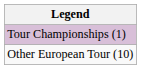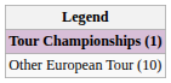 <table class="wikitable" style="font-size:95%;">
 <tr>
 <th>Legend</th>
 </tr>
 <tr style="background:thistle;">
-<td>Tour Championships (1)</td>
+<td><strong>Tour Championships (1)</strong></td>
 </tr>
 <tr>
 <td>Other European Tour (10)</td>
 </tr>
 </table>
